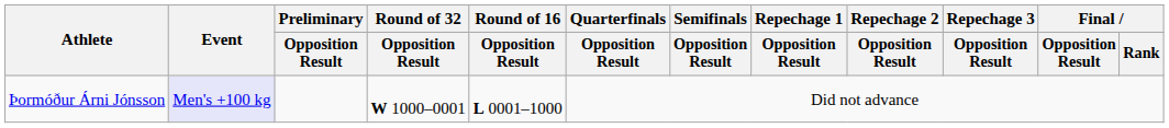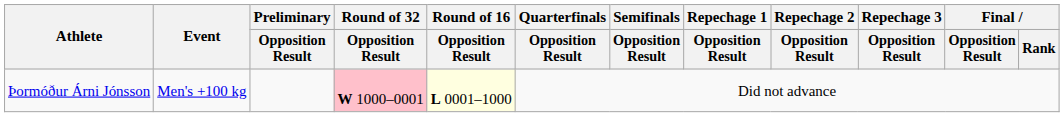 <table class="wikitable" style="font-size:90%">
 <tr>
 <th rowspan="2">Athlete</th>
 <th rowspan="2">Event</th>
 <th>Preliminary</th>
 <th>Round of 32</th>
 <th>Round of 16</th>
 <th>Quarterfinals</th>
 <th>Semifinals</th>
 <th>Repechage 1</th>
 <th>Repechage 2</th>
 <th>Repechage 3</th>
 <th colspan=2>Final / </th>
 </tr>
 <tr style="font-size:95%">
 <th>Opposition<br>Result</th>
 <th>Opposition<br>Result</th>
 <th>Opposition<br>Result</th>
 <th>Opposition<br>Result</th>
 <th>Opposition<br>Result</th>
 <th>Opposition<br>Result</th>
 <th>Opposition<br>Result</th>
 <th>Opposition<br>Result</th>
 <th>Opposition<br>Result</th>
 <th>Rank</th>
 </tr>
 <tr align=center>
 <td align=left><a href='#'>Þormóður Árni Jónsson</a></td>
-<td align=left style="background: lavender;"><a href='#'>Men's +100 kg</a></td>
+<td align=left><a href='#'>Men's +100 kg</a></td>
 <td></td>
-<td><br><strong>W</strong> 1000–0001</td>
-<td><br> <strong>L</strong> 0001–1000</td>
+<td style="background: pink;"><br><strong>W</strong> 1000–0001</td>
+<td style="background: lightyellow;"><br> <strong>L</strong> 0001–1000</td>
 <td colspan=7>Did not advance</td>
 </tr>
 </table>
